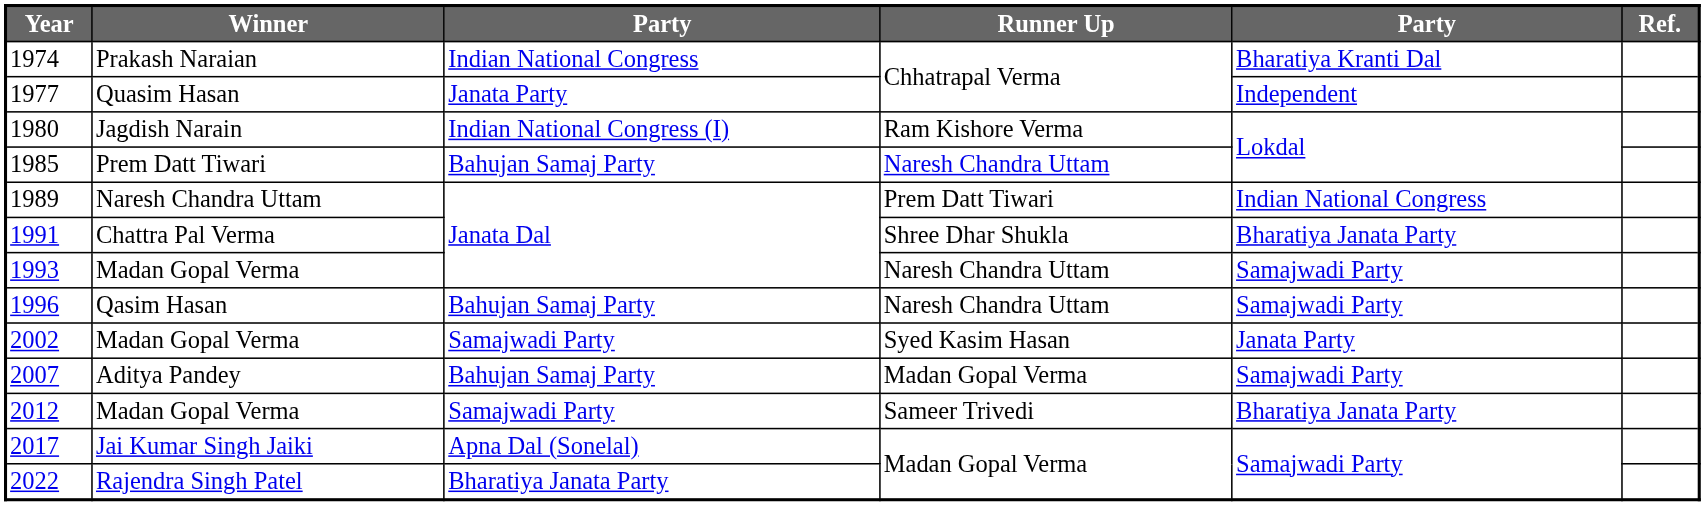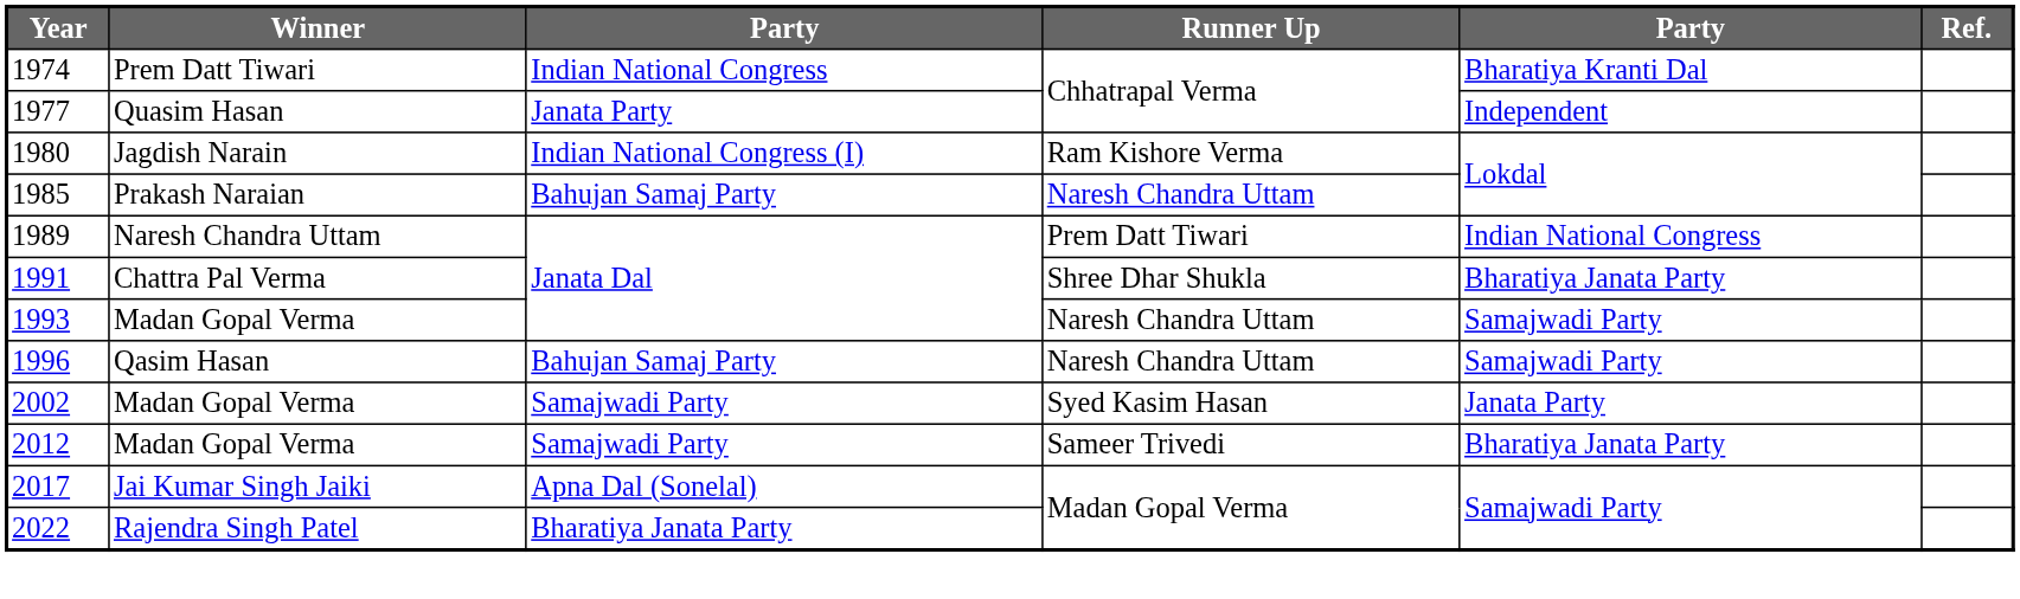 <table class="sortable" width="70%" cellpadding="2" cellspacing="0" border="1" style="border-collapse: collapse; border: 2px #000000 solid; font-size: x-big; font-family: verdana">
 <tr>
 <th style="background-color:#666666; color:white">Year</th>
 <th style="background-color:#666666; color:white">Winner</th>
 <th style="background-color:#666666; color:white">Party</th>
 <th style="background-color:#666666; color:white">Runner Up</th>
 <th style="background-color:#666666; color:white">Party</th>
 <th style="background-color:#666666; color:white">Ref.</th>
 </tr>
 <tr>
 <td>1974</td>
-<td>Prakash Naraian</td>
+<td>Prem Datt Tiwari</td>
 <td><a href='#'>Indian National Congress</a></td>
 <td rowspan=2>Chhatrapal Verma</td>
 <td><a href='#'>Bharatiya Kranti Dal</a></td>
 <td></td>
 </tr>
 <tr>
 <td>1977</td>
 <td>Quasim Hasan</td>
 <td><a href='#'>Janata Party</a></td>
 <td><a href='#'>Independent</a></td>
 <td></td>
 </tr>
 <tr>
 <td>1980</td>
 <td>Jagdish Narain</td>
 <td><a href='#'>Indian National Congress (I)</a></td>
 <td>Ram Kishore Verma</td>
 <td rowspan=2><a href='#'>Lokdal</a></td>
 <td></td>
 </tr>
 <tr>
 <td>1985</td>
-<td>Prem Datt Tiwari</td>
+<td>Prakash Naraian</td>
 <td><a href='#'>Bahujan Samaj Party</a></td>
 <td><a href='#'>Naresh Chandra Uttam</a></td>
 <td></td>
 </tr>
 <tr>
 <td>1989</td>
 <td>Naresh Chandra Uttam</td>
 <td rowspan=3><a href='#'>Janata Dal</a></td>
 <td>Prem Datt Tiwari</td>
 <td><a href='#'>Indian National Congress</a></td>
 <td></td>
 </tr>
 <tr>
 <td><a href='#'>1991</a></td>
 <td>Chattra Pal Verma</td>
 <td>Shree Dhar Shukla</td>
 <td><a href='#'>Bharatiya Janata Party</a></td>
 <td></td>
 </tr>
 <tr>
 <td><a href='#'>1993</a></td>
 <td>Madan Gopal Verma</td>
 <td>Naresh Chandra Uttam</td>
 <td><a href='#'>Samajwadi Party</a></td>
 <td></td>
 </tr>
 <tr>
 <td><a href='#'>1996</a></td>
 <td>Qasim Hasan</td>
 <td><a href='#'>Bahujan Samaj Party</a></td>
 <td>Naresh Chandra Uttam</td>
 <td><a href='#'>Samajwadi Party</a></td>
 <td></td>
 </tr>
 <tr>
 <td><a href='#'>2002</a></td>
 <td>Madan Gopal Verma</td>
 <td><a href='#'>Samajwadi Party</a></td>
 <td>Syed Kasim Hasan</td>
 <td><a href='#'>Janata Party</a></td>
 <td></td>
 </tr>
 <tr>
-<td><a href='#'>2007</a></td>
-<td>Aditya Pandey</td>
-<td><a href='#'>Bahujan Samaj Party</a></td>
-<td>Madan Gopal Verma</td>
-<td><a href='#'>Samajwadi Party</a></td>
-<td></td>
-</tr>
-<tr>
 <td><a href='#'>2012</a></td>
 <td>Madan Gopal Verma</td>
 <td><a href='#'>Samajwadi Party</a></td>
 <td>Sameer Trivedi</td>
 <td><a href='#'>Bharatiya Janata Party</a></td>
 <td></td>
 </tr>
 <tr>
 <td><a href='#'>2017</a></td>
 <td><a href='#'>Jai Kumar Singh Jaiki</a></td>
 <td><a href='#'>Apna Dal (Sonelal)</a></td>
 <td rowspan=2>Madan Gopal Verma</td>
 <td rowspan=2><a href='#'>Samajwadi Party</a></td>
 </tr>
 <tr>
 <td><a href='#'>2022</a></td>
 <td><a href='#'>Rajendra Singh Patel</a></td>
 <td><a href='#'>Bharatiya Janata Party</a></td>
 <td></td>
 </tr>
 </table>
